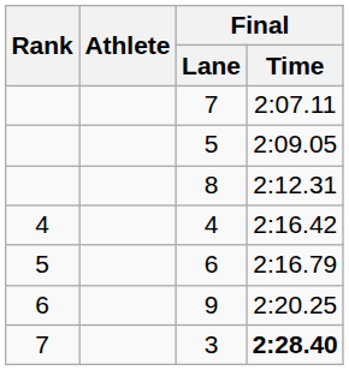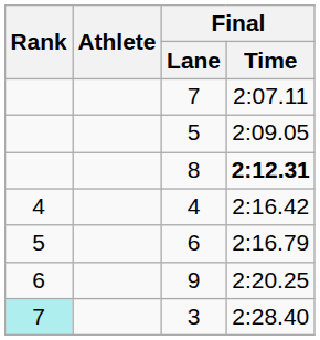 <table class="wikitable sortable"  style="text-align:center">
 <tr>
 <th rowspan="2" data-sort-type=number>Rank</th>
 <th rowspan="2">Athlete</th>
 <th colspan="2">Final</th>
 </tr>
 <tr>
 <th>Lane</th>
 <th>Time</th>
 </tr>
 <tr>
 <td></td>
 <td align="left"></td>
 <td>7</td>
 <td>2:07.11</td>
 </tr>
 <tr>
 <td></td>
 <td align="left"></td>
 <td>5</td>
 <td>2:09.05</td>
 </tr>
 <tr>
 <td></td>
 <td align="left"></td>
 <td>8</td>
-<td>2:12.31</td>
+<td><strong>2:12.31</strong></td>
 </tr>
 <tr>
 <td>4</td>
 <td align="left"></td>
 <td>4</td>
 <td>2:16.42</td>
 </tr>
 <tr>
 <td>5</td>
 <td align="left"></td>
 <td>6</td>
 <td>2:16.79</td>
 </tr>
 <tr>
 <td>6</td>
 <td align="left"></td>
 <td>9</td>
 <td>2:20.25</td>
 </tr>
 <tr>
-<td>7</td>
+<td style="background: paleturquoise;">7</td>
 <td align="left"></td>
 <td>3</td>
-<td><strong>2:28.40</strong></td>
+<td>2:28.40</td>
 </tr>
 </table>
